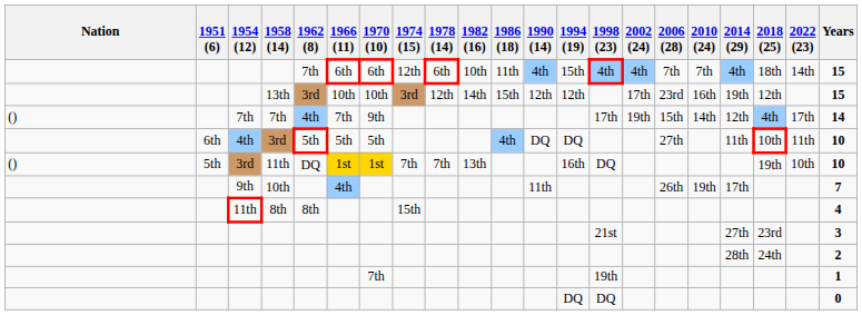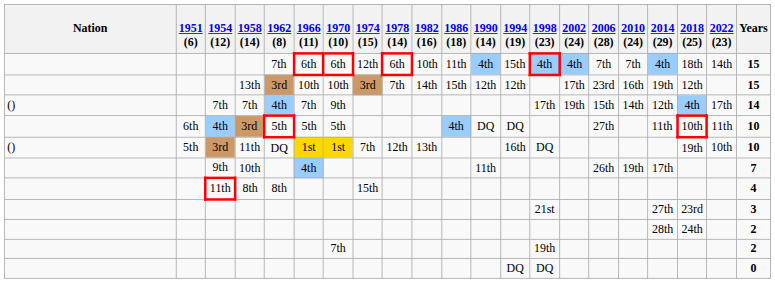 <table class="wikitable" style="text-align:center; font-size:90%">
 <tr>
 <th width=200>Nation</th>
 <th><br><a href='#'>1951</a><br>(6)</th>
 <th><br><a href='#'>1954</a><br>(12)</th>
 <th><br><a href='#'>1958</a><br>(14)</th>
 <th><br><a href='#'>1962</a><br>(8)</th>
 <th><br><a href='#'>1966</a><br>(11)</th>
 <th><br><a href='#'>1970</a><br>(10)</th>
 <th><br><a href='#'>1974</a><br>(15)</th>
 <th><br><a href='#'>1978</a><br>(14)</th>
 <th><br><a href='#'>1982</a><br>(16)</th>
 <th><br><a href='#'>1986</a><br>(18)</th>
 <th><br><a href='#'>1990</a><br>(14)</th>
 <th><br><a href='#'>1994</a><br>(19)</th>
 <th><br><a href='#'>1998</a><br>(23)</th>
 <th><br><a href='#'>2002</a><br>(24)</th>
 <th><br><a href='#'>2006</a><br>(28)</th>
 <th><br><a href='#'>2010</a><br>(24)</th>
 <th><br><a href='#'>2014</a><br>(29)</th>
 <th><br><a href='#'>2018</a><br>(25)</th>
 <th><br><a href='#'>2022</a><br>(23)</th>
 <th>Years</th>
 </tr>
 <tr>
 <td align=left></td>
 <td></td>
 <td></td>
 <td></td>
 <td>7th</td>
 <td style="border: 3px solid red">6th</td>
 <td style="border: 3px solid red">6th</td>
 <td>12th</td>
 <td style="border: 3px solid red">6th</td>
 <td>10th</td>
 <td>11th</td>
 <td bgcolor=#9acdff>4th</td>
 <td>15th</td>
 <td style="border: 3px solid red" bgcolor=#9acdff>4th</td>
 <td bgcolor=#9acdff>4th</td>
 <td>7th</td>
 <td>7th</td>
 <td bgcolor=#9acdff>4th</td>
 <td>18th</td>
 <td>14th</td>
 <td><strong>15</strong></td>
 </tr>
 <tr>
 <td align=left></td>
 <td></td>
 <td></td>
 <td>13th</td>
 <td bgcolor=#cc9966>3rd</td>
 <td>10th</td>
 <td>10th</td>
 <td bgcolor=#cc9966>3rd</td>
-<td>12th</td>
+<td>7th</td>
 <td>14th</td>
 <td>15th</td>
 <td>12th</td>
 <td>12th</td>
 <td></td>
 <td>17th</td>
 <td>23rd</td>
 <td>16th</td>
 <td>19th</td>
 <td>12th</td>
 <td></td>
 <td><strong>15</strong></td>
 </tr>
 <tr>
 <td align=left> ()</td>
 <td></td>
 <td>7th</td>
 <td>7th</td>
 <td bgcolor=#9acdff>4th</td>
 <td>7th</td>
 <td>9th</td>
 <td></td>
 <td></td>
 <td></td>
 <td></td>
 <td></td>
 <td></td>
 <td>17th</td>
 <td>19th</td>
 <td>15th</td>
 <td>14th</td>
 <td>12th</td>
 <td bgcolor=#9acdff>4th</td>
 <td>17th</td>
 <td><strong>14</strong></td>
 </tr>
 <tr>
 <td align=left></td>
 <td>6th</td>
 <td bgcolor=#9acdff>4th</td>
 <td bgcolor=#cc9966>3rd</td>
 <td style="border: 3px solid red">5th</td>
 <td>5th</td>
 <td>5th</td>
 <td></td>
 <td></td>
 <td></td>
 <td bgcolor=#9acdff>4th</td>
 <td>DQ</td>
 <td>DQ</td>
 <td></td>
 <td></td>
 <td>27th</td>
 <td></td>
 <td>11th</td>
 <td style="border: 3px solid red">10th</td>
 <td>11th</td>
 <td><strong>10</strong></td>
 </tr>
 <tr>
 <td align=left>  ()</td>
 <td>5th</td>
 <td bgcolor=#cc9966>3rd</td>
 <td>11th</td>
 <td>DQ</td>
 <td bgcolor=gold>1st</td>
 <td bgcolor=gold>1st</td>
 <td>7th</td>
-<td>7th</td>
+<td>12th</td>
 <td>13th</td>
 <td></td>
 <td></td>
 <td>16th</td>
 <td>DQ</td>
 <td></td>
 <td></td>
 <td></td>
 <td></td>
 <td>19th</td>
 <td>10th</td>
 <td><strong>10</strong></td>
 </tr>
 <tr>
 <td align=left></td>
 <td></td>
 <td>9th</td>
 <td>10th</td>
 <td></td>
 <td bgcolor=#9acdff>4th</td>
 <td></td>
 <td></td>
 <td></td>
 <td></td>
 <td></td>
 <td>11th</td>
 <td></td>
 <td></td>
 <td></td>
 <td>26th</td>
 <td>19th</td>
 <td>17th</td>
 <td></td>
 <td></td>
 <td><strong>7</strong></td>
 </tr>
 <tr>
 <td align=left></td>
 <td></td>
 <td style="border: 3px solid red">11th</td>
 <td>8th</td>
 <td>8th</td>
 <td></td>
 <td></td>
 <td>15th</td>
 <td></td>
 <td></td>
 <td></td>
 <td></td>
 <td></td>
 <td></td>
 <td></td>
 <td></td>
 <td></td>
 <td></td>
 <td></td>
 <td></td>
 <td><strong>4</strong></td>
 </tr>
 <tr>
 <td align=left></td>
 <td></td>
 <td></td>
 <td></td>
 <td></td>
 <td></td>
 <td></td>
 <td></td>
 <td></td>
 <td></td>
 <td></td>
 <td></td>
 <td></td>
 <td>21st</td>
 <td></td>
 <td></td>
 <td></td>
 <td>27th</td>
 <td>23rd</td>
 <td></td>
 <td><strong>3</strong></td>
 </tr>
 <tr>
 <td align=left></td>
 <td></td>
 <td></td>
 <td></td>
 <td></td>
 <td></td>
 <td></td>
 <td></td>
 <td></td>
 <td></td>
 <td></td>
 <td></td>
 <td></td>
 <td></td>
 <td></td>
 <td></td>
 <td></td>
 <td>28th</td>
 <td>24th</td>
 <td></td>
 <td><strong>2</strong></td>
 </tr>
 <tr>
 <td align=left></td>
 <td></td>
 <td></td>
 <td></td>
 <td></td>
 <td></td>
 <td>7th</td>
 <td></td>
 <td></td>
 <td></td>
 <td></td>
 <td></td>
 <td></td>
 <td>19th</td>
 <td></td>
 <td></td>
 <td></td>
 <td></td>
 <td></td>
 <td></td>
-<td><strong>1</strong></td>
+<td><strong>2</strong></td>
 </tr>
 <tr>
 <td align=left></td>
 <td></td>
 <td></td>
 <td></td>
 <td></td>
 <td></td>
 <td></td>
 <td></td>
 <td></td>
 <td></td>
 <td></td>
 <td></td>
 <td>DQ</td>
 <td>DQ</td>
 <td></td>
 <td></td>
 <td></td>
 <td></td>
 <td></td>
 <td></td>
 <td><strong>0</strong></td>
 </tr>
 </table>
